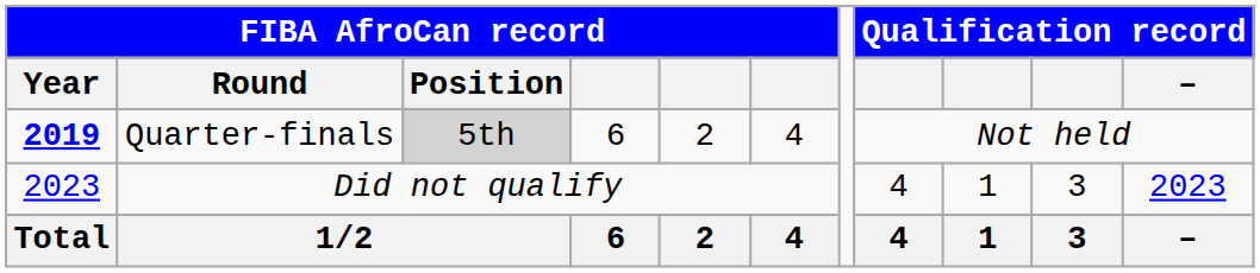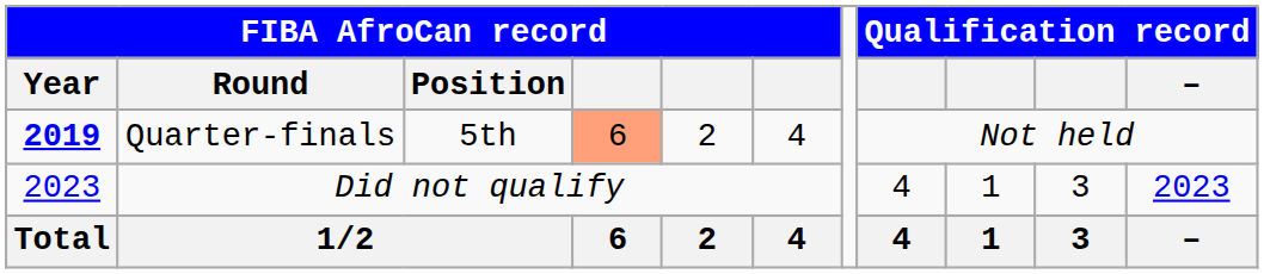 <table class="wikitable" style="text-align:center;">
 <tr>
 <th colspan="6" style="background:blue; color:white;">FIBA AfroCan record</th>
 <td rowspan="5"></td>
 <th colspan="4" style="background:blue; color:white;">Qualification record</th>
 </tr>
 <tr>
 <th>Year</th>
 <th>Round</th>
 <th>Position</th>
 <th width="30"></th>
 <th width="30"></th>
 <th width="30"></th>
 <th width="30"></th>
 <th width="30"></th>
 <th width="30"></th>
 <th>–</th>
 </tr>
 <tr>
 <td><strong> <a href='#'>2019</a></strong></td>
 <td>Quarter-finals</td>
-<td style="background: lightgrey;">5th</td>
-<td>6</td>
+<td>5th</td>
+<td style="background: lightsalmon;">6</td>
 <td>2</td>
 <td>4</td>
 <td colspan="4"><em>Not held</em></td>
 </tr>
 <tr>
 <td> <a href='#'>2023</a></td>
 <td colspan="5"><em>Did not qualify</em></td>
 <td>4</td>
 <td>1</td>
 <td>3</td>
 <td><a href='#'>2023</a></td>
 </tr>
 <tr>
 <th>Total</th>
 <th colspan="2">1/2</th>
 <th>6</th>
 <th>2</th>
 <th>4</th>
 <th>4</th>
 <th>1</th>
 <th>3</th>
 <th>–</th>
 </tr>
 </table>
